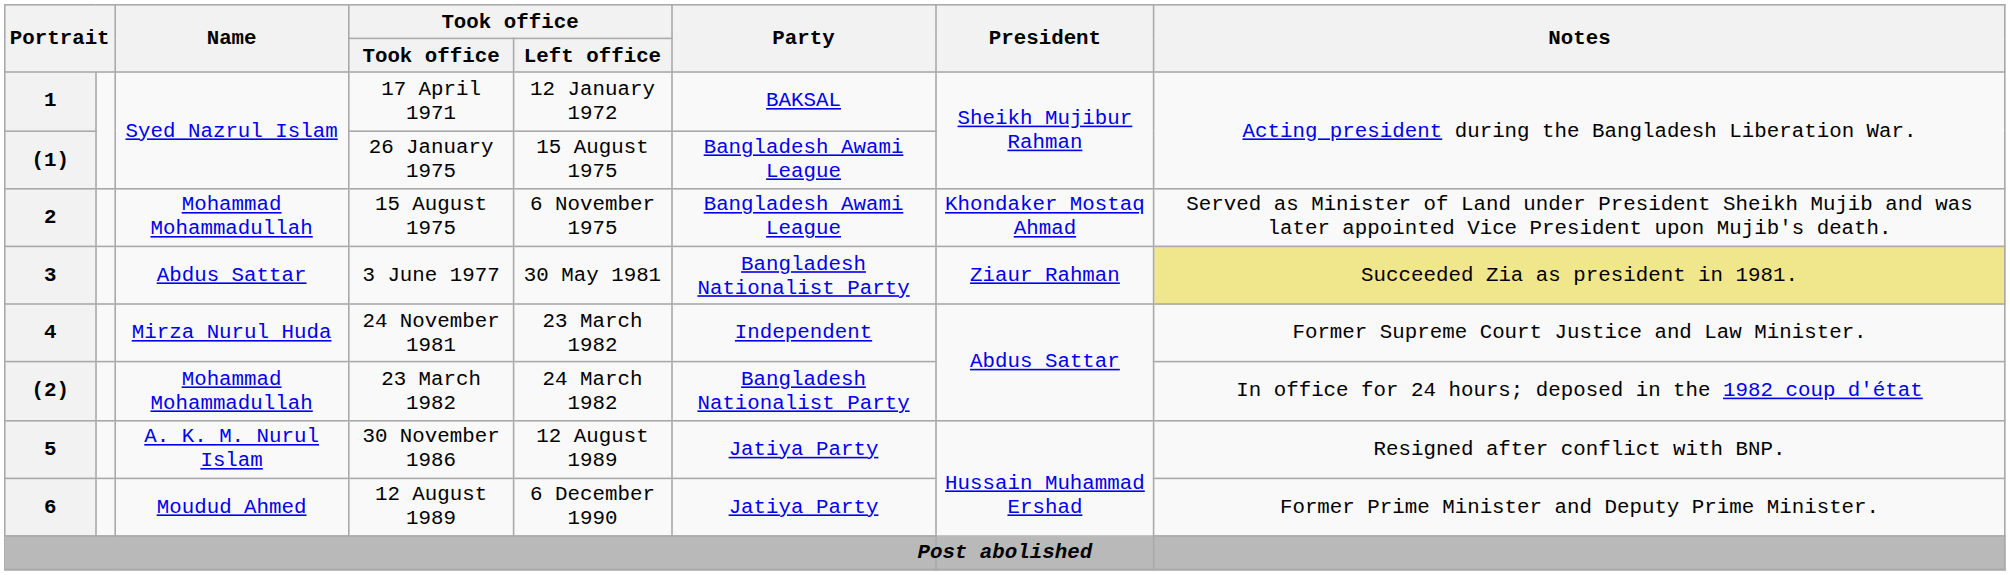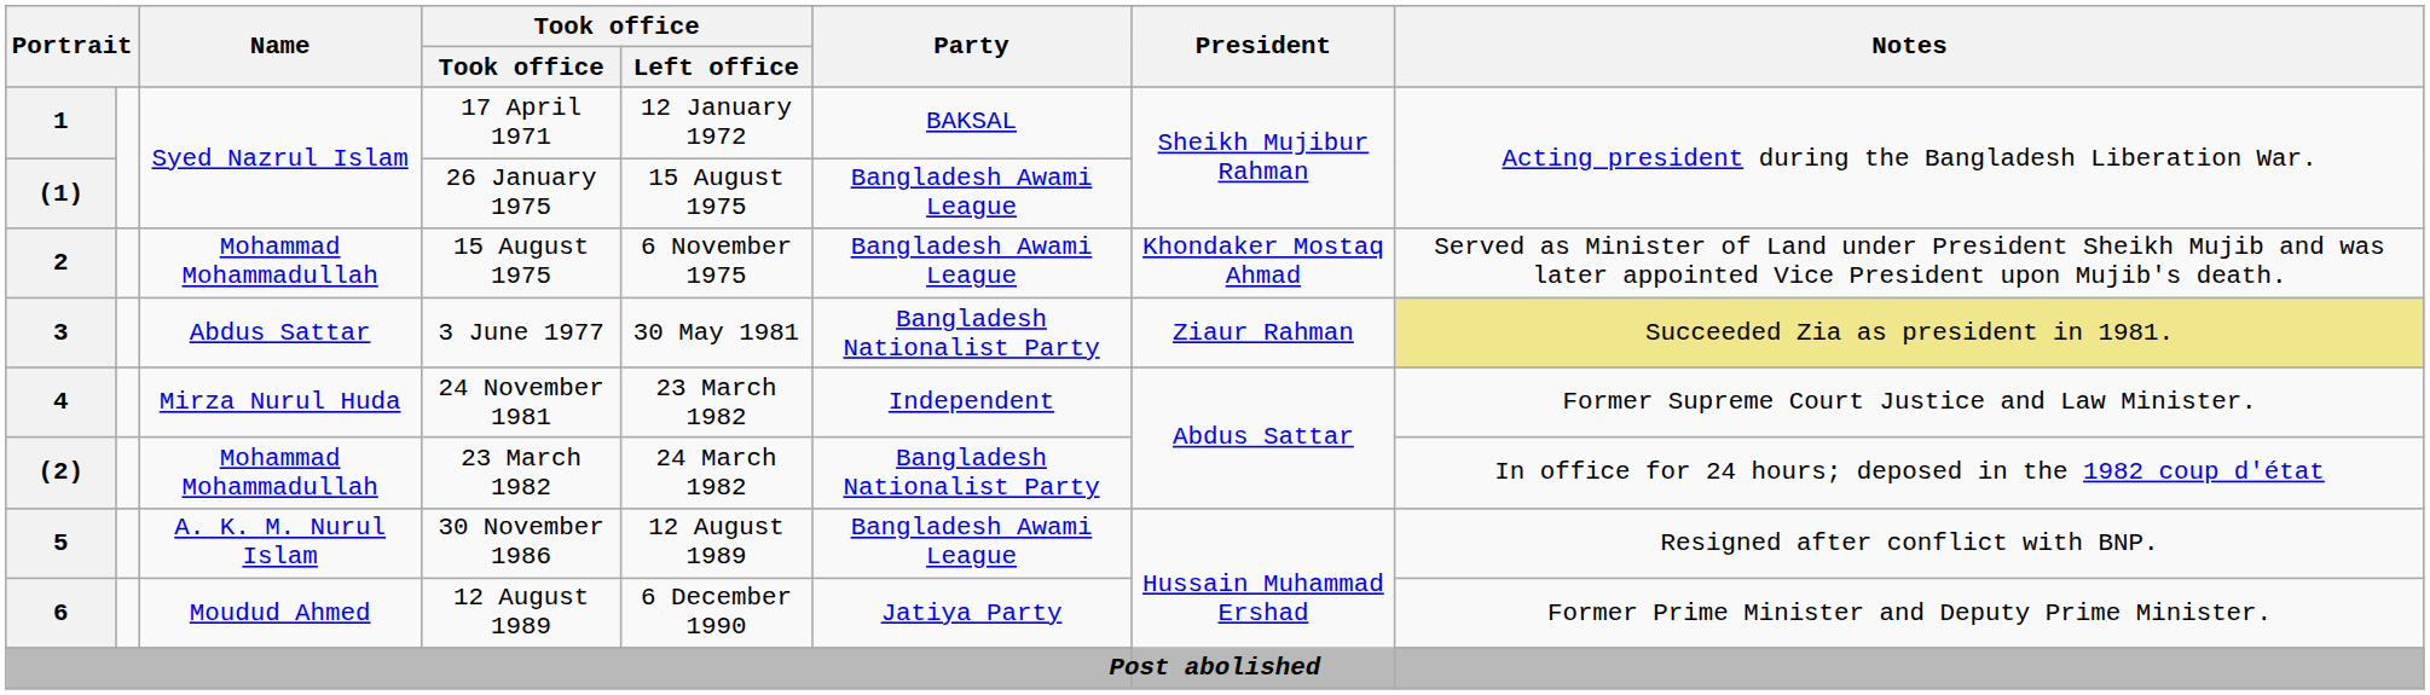 <table class="wikitable" style="text-align:center">
 <tr>
 <th colspan="2" rowspan="2">Portrait</th>
 <th rowspan="2">Name<br></th>
 <th colspan="2">Took office</th>
 <th rowspan="2">Party</th>
 <th rowspan="2">President</th>
 <th rowspan="2">Notes</th>
 </tr>
 <tr>
 <th>Took office</th>
 <th>Left office</th>
 </tr>
 <tr>
 <th style="background:">1</th>
 <td rowspan="2"></td>
 <td rowspan="2"><a href='#'>Syed Nazrul Islam</a><br></td>
 <td>17 April 1971</td>
 <td>12 January 1972</td>
 <td><a href='#'>BAKSAL</a></td>
 <td rowspan="2"><a href='#'>Sheikh Mujibur Rahman</a></td>
 <td rowspan="2"><a href='#'>Acting president</a> during the Bangladesh Liberation War.</td>
 </tr>
 <tr>
 <th style="background:">(1)</th>
 <td>26 January 1975</td>
 <td>15 August 1975</td>
 <td><a href='#'>Bangladesh Awami League</a></td>
 </tr>
 <tr>
 <th style="background:">2</th>
 <td><br></td>
 <td><a href='#'>Mohammad Mohammadullah</a><br></td>
 <td>15 August 1975</td>
 <td>6 November 1975</td>
 <td><a href='#'>Bangladesh Awami League</a></td>
 <td><a href='#'>Khondaker Mostaq Ahmad</a></td>
 <td>Served as Minister of Land under President Sheikh Mujib and was later appointed Vice President upon Mujib's death.</td>
 </tr>
 <tr>
 <th style="background:">3</th>
 <td></td>
 <td><a href='#'>Abdus Sattar</a><br></td>
 <td>3 June 1977</td>
 <td>30 May 1981</td>
 <td><a href='#'>Bangladesh Nationalist Party</a></td>
 <td><a href='#'>Ziaur Rahman</a></td>
 <td style="background: khaki;">Succeeded Zia as president in 1981.</td>
 </tr>
 <tr>
 <th style="background:">4</th>
 <td></td>
 <td><a href='#'>Mirza Nurul Huda</a><br></td>
 <td>24 November 1981</td>
 <td>23 March 1982</td>
 <td><a href='#'>Independent</a></td>
 <td rowspan="2"><a href='#'>Abdus Sattar</a></td>
 <td>Former Supreme Court Justice and Law Minister.</td>
 </tr>
 <tr>
 <th style="background:">(2)</th>
 <td></td>
 <td><a href='#'>Mohammad Mohammadullah</a><br></td>
 <td>23 March 1982</td>
 <td>24 March 1982</td>
 <td><a href='#'>Bangladesh Nationalist Party</a></td>
 <td>In office for 24 hours; deposed in the <a href='#'>1982 coup d'état</a></td>
 </tr>
 <tr>
 <th style="background:">5</th>
 <td></td>
 <td><a href='#'>A. K. M. Nurul Islam</a><br></td>
 <td>30 November 1986</td>
 <td>12 August 1989</td>
-<td><a href='#'>Jatiya Party</a></td>
+<td><a href='#'>Bangladesh Awami League</a></td>
 <td rowspan="3"><a href='#'>Hussain Muhammad Ershad</a></td>
 <td>Resigned after conflict with BNP.</td>
 </tr>
 <tr>
 <th style="background:">6</th>
 <td></td>
 <td><a href='#'>Moudud Ahmed</a><br></td>
 <td>12 August 1989</td>
 <td>6 December 1990</td>
 <td><a href='#'>Jatiya Party</a></td>
 <td>Former Prime Minister and Deputy Prime Minister.</td>
 </tr>
 <tr>
 <td colspan=8 style="background:#B9B9B9; text-align:center;"><strong><em>Post abolished</em></strong></td>
 </tr>
 <tr>
 </tr>
 </table>
